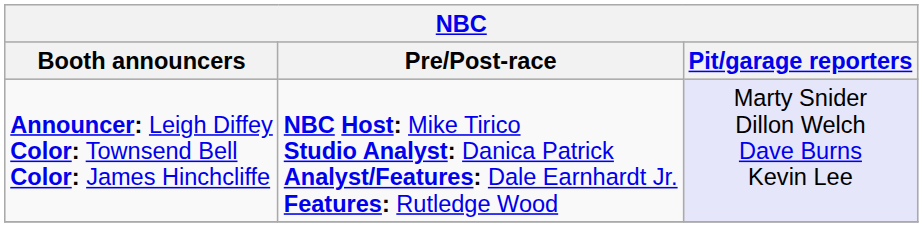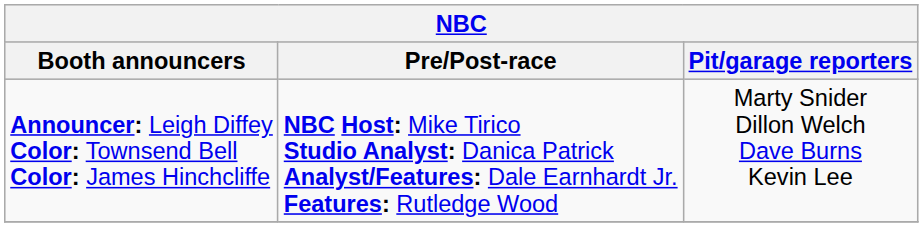 <table class="wikitable" style="font-size: 95%;">
 <tr>
 <th colspan=3><a href='#'>NBC</a></th>
 </tr>
 <tr>
 <th>Booth announcers</th>
 <th>Pre/Post-race</th>
 <th><a href='#'>Pit/garage reporters</a></th>
 </tr>
 <tr>
 <td valign="top"><br><strong><a href='#'>Announcer</a>:</strong> <a href='#'>Leigh Diffey</a><br> <strong><a href='#'>Color</a>:</strong> <a href='#'>Townsend Bell</a><br> <strong><a href='#'>Color</a>:</strong> <a href='#'>James Hinchcliffe</a><br></td>
 <td valign="top"><br><strong><a href='#'>NBC</a> <a href='#'>Host</a>:</strong> <a href='#'>Mike Tirico</a><br> <strong><a href='#'>Studio Analyst</a>:</strong> <a href='#'>Danica Patrick</a><br> <strong><a href='#'>Analyst/Features</a>:</strong> <a href='#'>Dale Earnhardt Jr.</a><br> <strong><a href='#'>Features</a>:</strong> <a href='#'>Rutledge Wood</a><br></td>
-<td align="center" valign="top" style="background: lavender;">Marty Snider<br>Dillon Welch<br><a href='#'>Dave Burns</a><br>Kevin Lee<br></td>
+<td align="center" valign="top">Marty Snider<br>Dillon Welch<br><a href='#'>Dave Burns</a><br>Kevin Lee<br></td>
 </tr>
 <tr>
 </tr>
 </table>
